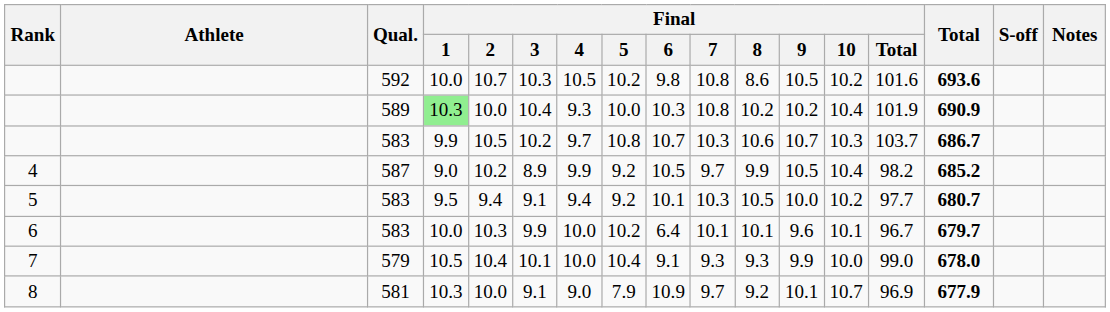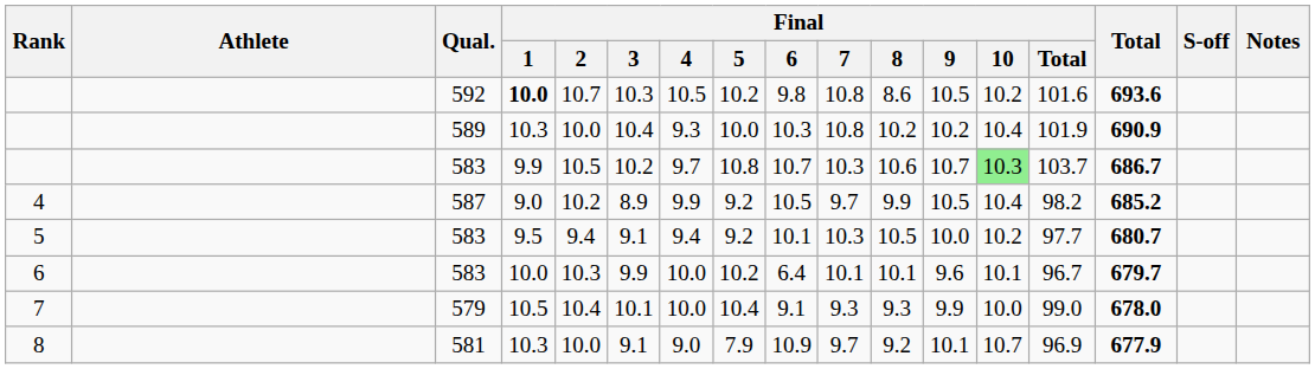 <table class="wikitable" style="text-align:center">
 <tr>
 <th rowspan=2 width=40>Rank</th>
 <th rowspan=2 width=250>Athlete</th>
 <th rowspan=2 width=40>Qual.</th>
 <th colspan=11>Final</th>
 <th rowspan=2 width=50>Total</th>
 <th rowspan=2 width=35>S-off</th>
 <th rowspan=2 width=45>Notes</th>
 </tr>
 <tr>
 <th width=30>1</th>
 <th width=30>2</th>
 <th width=30>3</th>
 <th width=30>4</th>
 <th width=30>5</th>
 <th width=30>6</th>
 <th width=30>7</th>
 <th width=30>8</th>
 <th width=30>9</th>
 <th width=30>10</th>
 <th width=40>Total</th>
 </tr>
 <tr>
 <td></td>
 <td align=left></td>
 <td>592</td>
-<td>10.0</td>
+<td><strong>10.0</strong></td>
 <td>10.7</td>
 <td>10.3</td>
 <td>10.5</td>
 <td>10.2</td>
 <td>9.8</td>
 <td>10.8</td>
 <td>8.6</td>
 <td>10.5</td>
 <td>10.2</td>
 <td>101.6</td>
 <td><strong>693.6</strong></td>
 <td></td>
 <td></td>
 </tr>
 <tr>
 <td></td>
 <td align=left></td>
 <td>589</td>
-<td style="background: lightgreen;">10.3</td>
+<td>10.3</td>
 <td>10.0</td>
 <td>10.4</td>
 <td>9.3</td>
 <td>10.0</td>
 <td>10.3</td>
 <td>10.8</td>
 <td>10.2</td>
 <td>10.2</td>
 <td>10.4</td>
 <td>101.9</td>
 <td><strong>690.9</strong></td>
 <td></td>
 <td></td>
 </tr>
 <tr>
 <td></td>
 <td align=left></td>
 <td>583</td>
 <td>9.9</td>
 <td>10.5</td>
 <td>10.2</td>
 <td>9.7</td>
 <td>10.8</td>
 <td>10.7</td>
 <td>10.3</td>
 <td>10.6</td>
 <td>10.7</td>
-<td>10.3</td>
+<td style="background: lightgreen;">10.3</td>
 <td>103.7</td>
 <td><strong>686.7</strong></td>
 <td></td>
 <td></td>
 </tr>
 <tr>
 <td>4</td>
 <td align=left></td>
 <td>587</td>
 <td>9.0</td>
 <td>10.2</td>
 <td>8.9</td>
 <td>9.9</td>
 <td>9.2</td>
 <td>10.5</td>
 <td>9.7</td>
 <td>9.9</td>
 <td>10.5</td>
 <td>10.4</td>
 <td>98.2</td>
 <td><strong>685.2</strong></td>
 <td></td>
 <td></td>
 </tr>
 <tr>
 <td>5</td>
 <td align=left></td>
 <td>583</td>
 <td>9.5</td>
 <td>9.4</td>
 <td>9.1</td>
 <td>9.4</td>
 <td>9.2</td>
 <td>10.1</td>
 <td>10.3</td>
 <td>10.5</td>
 <td>10.0</td>
 <td>10.2</td>
 <td>97.7</td>
 <td><strong>680.7</strong></td>
 <td></td>
 <td></td>
 </tr>
 <tr>
 <td>6</td>
 <td align=left></td>
 <td>583</td>
 <td>10.0</td>
 <td>10.3</td>
 <td>9.9</td>
 <td>10.0</td>
 <td>10.2</td>
 <td>6.4</td>
 <td>10.1</td>
 <td>10.1</td>
 <td>9.6</td>
 <td>10.1</td>
 <td>96.7</td>
 <td><strong>679.7</strong></td>
 <td></td>
 <td></td>
 </tr>
 <tr>
 <td>7</td>
 <td align=left></td>
 <td>579</td>
 <td>10.5</td>
 <td>10.4</td>
 <td>10.1</td>
 <td>10.0</td>
 <td>10.4</td>
 <td>9.1</td>
 <td>9.3</td>
 <td>9.3</td>
 <td>9.9</td>
 <td>10.0</td>
 <td>99.0</td>
 <td><strong>678.0</strong></td>
 <td></td>
 <td></td>
 </tr>
 <tr>
 <td>8</td>
 <td align=left></td>
 <td>581</td>
 <td>10.3</td>
 <td>10.0</td>
 <td>9.1</td>
 <td>9.0</td>
 <td>7.9</td>
 <td>10.9</td>
 <td>9.7</td>
 <td>9.2</td>
 <td>10.1</td>
 <td>10.7</td>
 <td>96.9</td>
 <td><strong>677.9</strong></td>
 <td></td>
 <td></td>
 </tr>
 </table>
